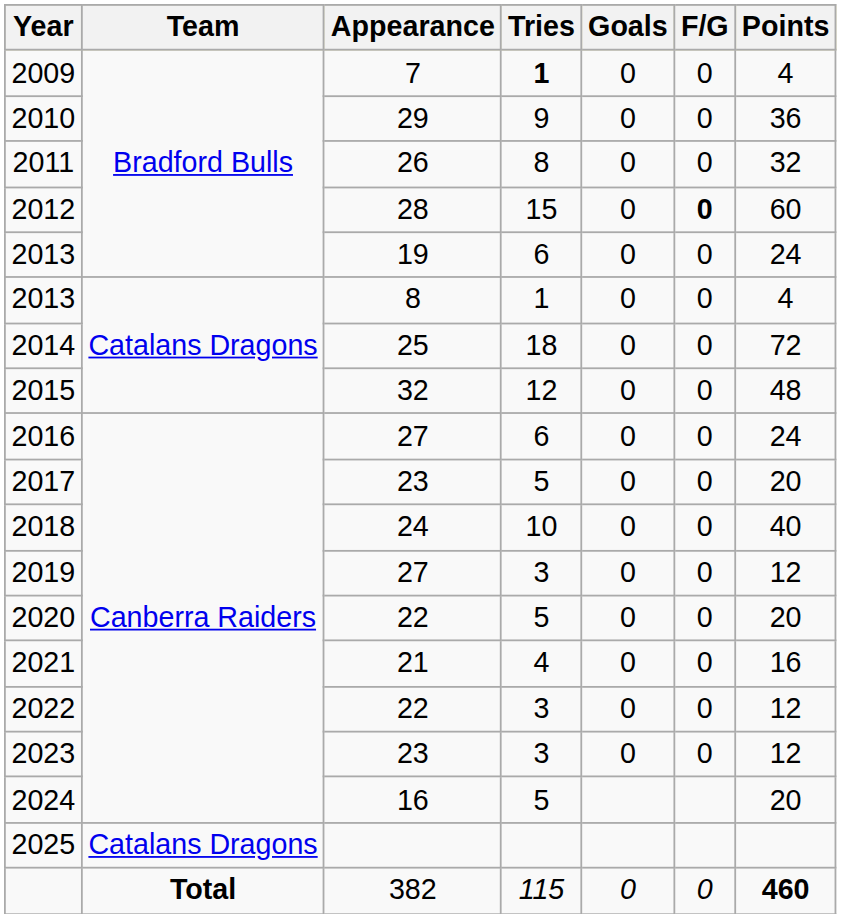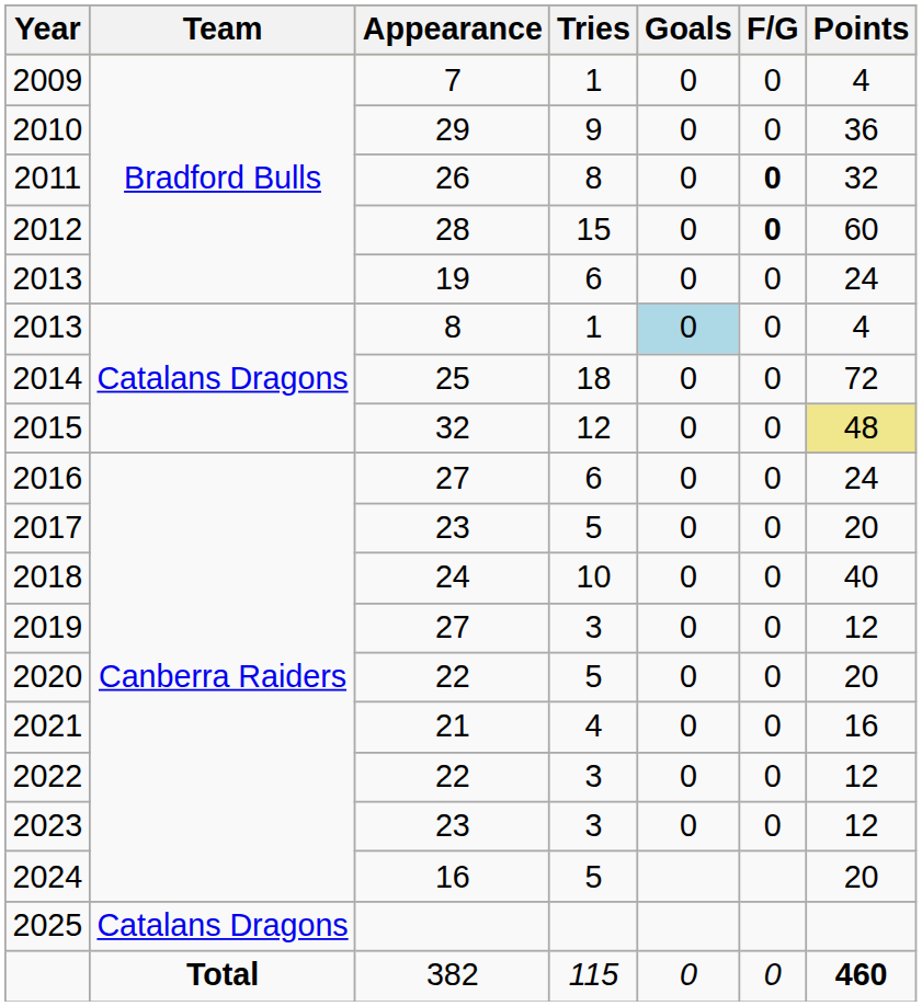 <table class="wikitable" style="text-align:center;">
 <tr bgcolor=#bdb76b>
 <th>Year</th>
 <th>Team</th>
 <th>Appearance</th>
 <th>Tries</th>
 <th>Goals</th>
 <th>F/G</th>
 <th>Points</th>
 </tr>
 <tr>
 <td>2009</td>
 <td rowspan="5"> <a href='#'>Bradford Bulls</a></td>
 <td>7</td>
-<td><strong>1</strong></td>
+<td>1</td>
 <td>0</td>
 <td>0</td>
 <td>4</td>
 </tr>
 <tr>
 <td>2010</td>
 <td>29</td>
 <td>9</td>
 <td>0</td>
 <td>0</td>
 <td>36</td>
 </tr>
 <tr>
 <td>2011</td>
 <td>26</td>
 <td>8</td>
 <td>0</td>
-<td>0</td>
+<td><strong>0</strong></td>
 <td>32</td>
 </tr>
 <tr>
 <td>2012</td>
 <td>28</td>
 <td>15</td>
 <td>0</td>
 <td><strong>0</strong></td>
 <td>60</td>
 </tr>
 <tr>
 <td>2013</td>
 <td>19</td>
 <td>6</td>
 <td>0</td>
 <td>0</td>
 <td>24</td>
 </tr>
 <tr>
 <td>2013</td>
 <td rowspan="3"> <a href='#'>Catalans Dragons</a></td>
 <td>8</td>
 <td>1</td>
-<td>0</td>
+<td style="background: lightblue;">0</td>
 <td>0</td>
 <td>4</td>
 </tr>
 <tr>
 <td>2014</td>
 <td>25</td>
 <td>18</td>
 <td>0</td>
 <td>0</td>
 <td>72</td>
 </tr>
 <tr>
 <td>2015</td>
 <td>32</td>
 <td>12</td>
 <td>0</td>
 <td>0</td>
-<td>48</td>
+<td style="background: khaki;">48</td>
 </tr>
 <tr>
 <td>2016</td>
 <td rowspan="9"> <a href='#'>Canberra Raiders</a></td>
 <td>27</td>
 <td>6</td>
 <td>0</td>
 <td>0</td>
 <td>24</td>
 </tr>
 <tr>
 <td>2017</td>
 <td>23</td>
 <td>5</td>
 <td>0</td>
 <td>0</td>
 <td>20</td>
 </tr>
 <tr>
 <td>2018</td>
 <td>24</td>
 <td>10</td>
 <td>0</td>
 <td>0</td>
 <td>40</td>
 </tr>
 <tr>
 <td>2019</td>
 <td>27</td>
 <td>3</td>
 <td>0</td>
 <td>0</td>
 <td>12</td>
 </tr>
 <tr>
 <td>2020</td>
 <td>22</td>
 <td>5</td>
 <td>0</td>
 <td>0</td>
 <td>20</td>
 </tr>
 <tr>
 <td>2021</td>
 <td>21</td>
 <td>4</td>
 <td>0</td>
 <td>0</td>
 <td>16</td>
 </tr>
 <tr>
 <td>2022</td>
 <td>22</td>
 <td>3</td>
 <td>0</td>
 <td>0</td>
 <td>12</td>
 </tr>
 <tr>
 <td>2023</td>
 <td>23</td>
 <td>3</td>
 <td>0</td>
 <td>0</td>
 <td>12</td>
 </tr>
 <tr>
 <td>2024</td>
 <td>16</td>
 <td>5</td>
 <td></td>
 <td></td>
 <td>20</td>
 </tr>
 <tr>
 <td>2025</td>
 <td> <a href='#'>Catalans Dragons</a></td>
 <td></td>
 <td></td>
 <td></td>
 <td></td>
 <td></td>
 </tr>
 <tr>
 <td></td>
 <td><strong>Total</strong></td>
 <td>382</td>
 <td><em>115</em></td>
 <td><em>0</em></td>
 <td><em>0</em></td>
 <td><strong>460</strong></td>
 </tr>
 </table>
